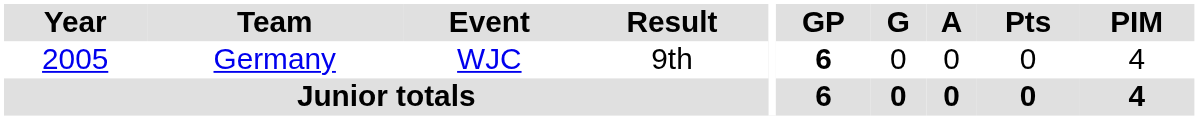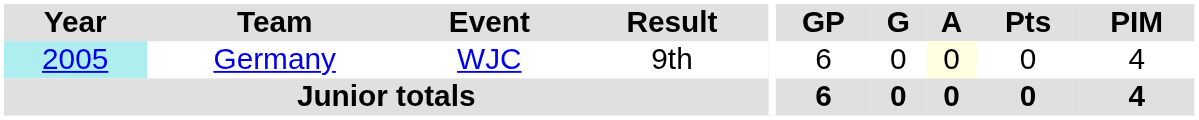 <table border="0" cellpadding="1" cellspacing="0" ID="Table3" style="text-align:center; width:40em">
 <tr ALIGN="center" bgcolor="#e0e0e0">
 <th>Year</th>
 <th>Team</th>
 <th>Event</th>
 <th>Result</th>
 <th rowspan="99" bgcolor="#ffffff"></th>
 <th>GP</th>
 <th>G</th>
 <th>A</th>
 <th>Pts</th>
 <th>PIM</th>
 </tr>
 <tr ALIGN="center">
-<td><a href='#'>2005</a></td>
+<td style="background: paleturquoise;"><a href='#'>2005</a></td>
 <td><a href='#'>Germany</a></td>
 <td><a href='#'>WJC</a></td>
 <td>9th</td>
-<td><strong>6</strong></td>
+<td>6</td>
 <td>0</td>
-<td>0</td>
+<td style="background: lightyellow;">0</td>
 <td>0</td>
 <td>4</td>
 </tr>
 <tr bgcolor="#e0e0e0">
 <th colspan="4">Junior totals</th>
 <th>6</th>
 <th>0</th>
 <th>0</th>
 <th>0</th>
 <th>4</th>
 </tr>
 </table>
